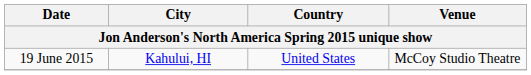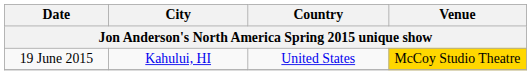 <table class="wikitable" style="text-align:center;">
 <tr>
 <th style="width:150px;">Date</th>
 <th style="width:200px;">City</th>
 <th style="width:200px;">Country</th>
 <th style="width:200px;">Venue</th>
 </tr>
 <tr>
 <th colspan="4">Jon Anderson's North America Spring 2015 unique show</th>
 </tr>
 <tr>
 <td>19 June 2015</td>
 <td><a href='#'>Kahului, HI</a></td>
 <td><a href='#'>United States</a></td>
-<td>McCoy Studio Theatre</td>
+<td style="background: gold;">McCoy Studio Theatre</td>
 </tr>
 <tr>
 </tr>
 </table>
